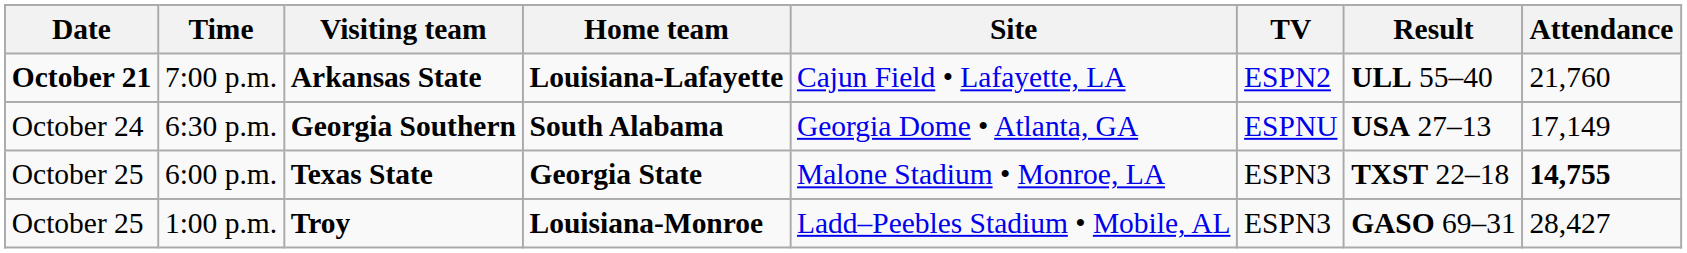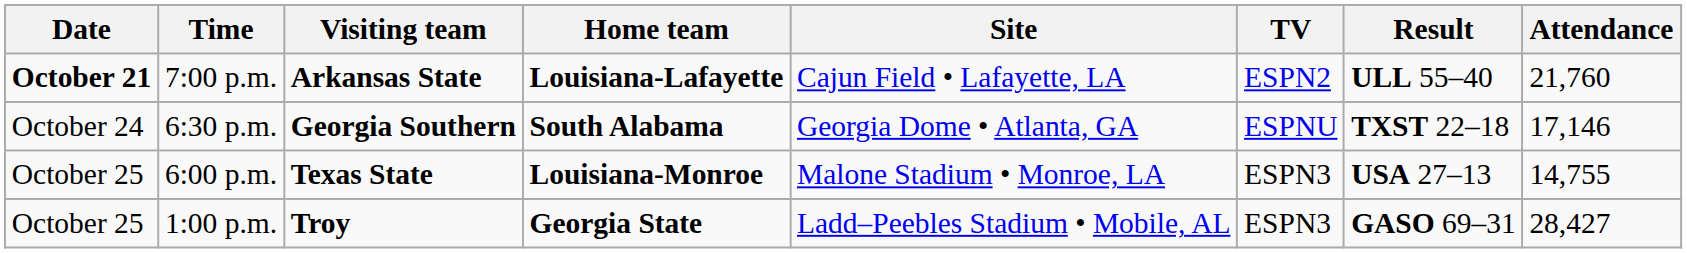 <table class="wikitable" style="font-size:95%;">
 <tr>
 <th>Date</th>
 <th>Time</th>
 <th>Visiting team</th>
 <th>Home team</th>
 <th>Site</th>
 <th>TV</th>
 <th>Result</th>
 <th>Attendance</th>
 </tr>
 <tr style="background:">
 <td><strong>October 21</strong></td>
 <td>7:00 p.m.</td>
 <td><strong>Arkansas State</strong></td>
 <td><strong>Louisiana-Lafayette</strong></td>
 <td><a href='#'>Cajun Field</a> • <a href='#'>Lafayette, LA</a></td>
 <td><a href='#'>ESPN2</a></td>
 <td><strong>ULL</strong> 55–40</td>
 <td>21,760</td>
 </tr>
 <tr style="background:">
 <td>October 24</td>
 <td>6:30 p.m.</td>
 <td><strong>Georgia Southern</strong></td>
 <td><strong>South Alabama</strong></td>
 <td><a href='#'>Georgia Dome</a> • <a href='#'>Atlanta, GA</a></td>
 <td><a href='#'>ESPNU</a></td>
-<td><strong>USA</strong> 27–13</td>
-<td>17,149</td>
+<td><strong>TXST</strong>  22–18</td>
+<td>17,146</td>
 </tr>
 <tr style="background:">
 <td>October 25</td>
 <td>6:00 p.m.</td>
 <td><strong>Texas State</strong></td>
-<td><strong>Georgia State</strong></td>
+<td><strong>Louisiana-Monroe</strong></td>
 <td><a href='#'>Malone Stadium</a> • <a href='#'>Monroe, LA</a></td>
 <td>ESPN3</td>
-<td><strong>TXST</strong>  22–18</td>
-<td><strong>14,755</strong></td>
+<td><strong>USA</strong> 27–13</td>
+<td>14,755</td>
 </tr>
 <tr style="background:">
 <td>October 25</td>
 <td>1:00 p.m.</td>
 <td><strong>Troy</strong></td>
-<td><strong>Louisiana-Monroe</strong></td>
+<td><strong>Georgia State</strong></td>
 <td><a href='#'>Ladd–Peebles Stadium</a> • <a href='#'>Mobile, AL</a></td>
 <td>ESPN3</td>
 <td><strong>GASO</strong> 69–31</td>
 <td>28,427</td>
 </tr>
 </table>
